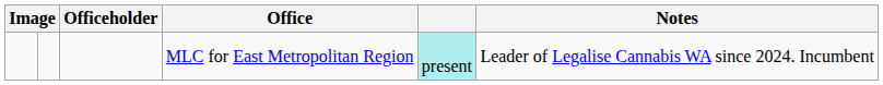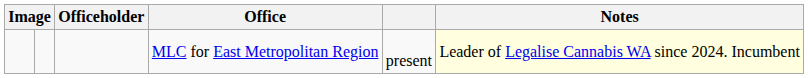 <table class="wikitable" style="text-align:center" "width:100%">
 <tr>
 <th colspan=2>Image</th>
 <th>Officeholder</th>
 <th>Office</th>
 <th></th>
 <th>Notes</th>
 </tr>
 <tr>
 <td> </td>
 <td></td>
 <td><br></td>
 <td><a href='#'>MLC</a> for <a href='#'>East Metropolitan Region</a></td>
-<td style="background: paleturquoise;"><br>present</td>
-<td>Leader of <a href='#'>Legalise Cannabis WA</a> since 2024. Incumbent</td>
+<td><br>present</td>
+<td style="background: lightyellow;">Leader of <a href='#'>Legalise Cannabis WA</a> since 2024. Incumbent</td>
 </tr>
 </table>
